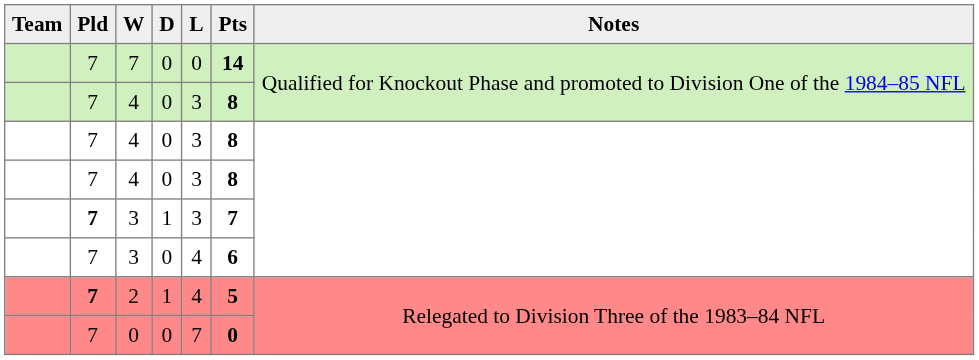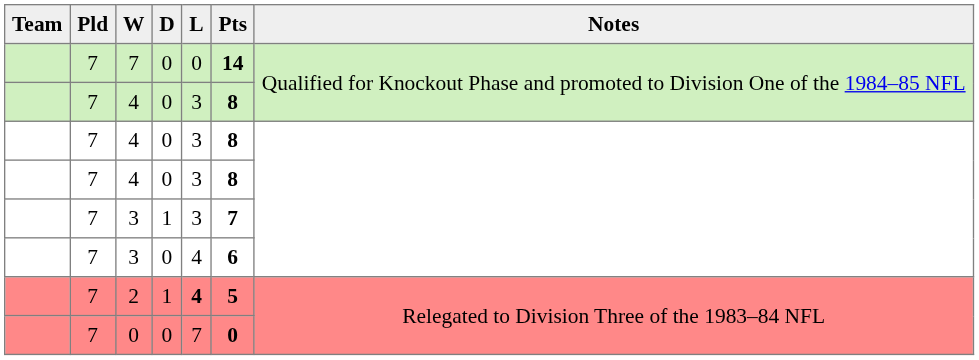 <table style=border-collapse:collapse border=1 cellspacing=0 cellpadding=5>
 <tr align=center bgcolor=#efefef>
 <th>Team</th>
 <th>Pld</th>
 <th>W</th>
 <th>D</th>
 <th>L</th>
 <th>Pts</th>
 <th>Notes</th>
 </tr>
 <tr align=center style="background:#D0F0C0;">
 <td style="text-align:left;"> </td>
 <td>7</td>
 <td>7</td>
 <td>0</td>
 <td>0</td>
 <td><strong>14</strong></td>
 <td rowspan=2>Qualified for Knockout Phase and promoted to Division One of the <a href='#'>1984–85 NFL</a></td>
 </tr>
 <tr align=center style="background:#D0F0C0;">
 <td style="text-align:left;"> </td>
 <td>7</td>
 <td>4</td>
 <td>0</td>
 <td>3</td>
 <td><strong>8</strong></td>
 </tr>
 <tr align=center style="background:#FFFFFF;">
 <td style="text-align:left;"> </td>
 <td>7</td>
 <td>4</td>
 <td>0</td>
 <td>3</td>
 <td><strong>8</strong></td>
 <td rowspan=4></td>
 </tr>
 <tr align=center style="background:#FFFFFF;">
 <td style="text-align:left;"> </td>
 <td>7</td>
 <td>4</td>
 <td>0</td>
 <td>3</td>
 <td><strong>8</strong></td>
 </tr>
 <tr align=center style="background:#FFFFFF;">
 <td style="text-align:left;"> </td>
-<td><strong>7</strong></td>
+<td>7</td>
 <td>3</td>
 <td>1</td>
 <td>3</td>
 <td><strong>7</strong></td>
 </tr>
 <tr align=center style="background:#FFFFFF;">
 <td style="text-align:left;"> </td>
 <td>7</td>
 <td>3</td>
 <td>0</td>
 <td>4</td>
 <td><strong>6</strong></td>
 </tr>
 <tr align=center style="background:#FF8888;">
 <td style="text-align:left;"> </td>
-<td><strong>7</strong></td>
+<td>7</td>
 <td>2</td>
 <td>1</td>
-<td>4</td>
+<td><strong>4</strong></td>
 <td><strong>5</strong></td>
 <td rowspan=2>Relegated to Division Three of the 1983–84 NFL</td>
 </tr>
 <tr align=center style="background:#FF8888;">
 <td style="text-align:left;"> </td>
 <td>7</td>
 <td>0</td>
 <td>0</td>
 <td>7</td>
 <td><strong>0</strong></td>
 </tr>
 </table>
